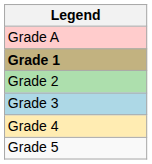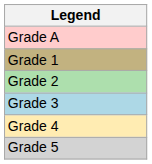 <table class="wikitable" style="font-size:85%;" width=11%>
 <tr>
 <th>Legend</th>
 </tr>
 <tr bgcolor=#ffcccc>
 <td>Grade A</td>
 </tr>
 <tr bgcolor=#C2B280>
-<td><strong>Grade 1</strong></td>
+<td>Grade 1</td>
 </tr>
 <tr bgcolor="#ADDFAD">
 <td>Grade 2</td>
 </tr>
 <tr bgcolor="lightblue">
 <td>Grade 3</td>
 </tr>
 <tr bgcolor=#ffecb2>
 <td>Grade 4</td>
 </tr>
 <tr>
-<td>Grade 5</td>
+<td style="background: lightgrey;">Grade 5</td>
 </tr>
 </table>
